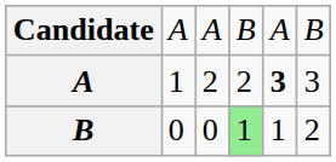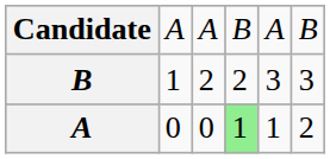 <table class="wikitable" border="1">
 <tr>
 <th>Candidate</th>
 <td><em>A</em></td>
 <td><em>A</em></td>
 <td><em>B</em></td>
 <td><em>A</em></td>
 <td><em>B</em></td>
 </tr>
 <tr>
-<th><em>A</em></th>
+<th><em>B</em></th>
 <td>1</td>
 <td>2</td>
 <td>2</td>
-<td><strong>3</strong></td>
+<td>3</td>
 <td>3</td>
 </tr>
 <tr>
-<th><em>B</em></th>
+<th><em>A</em></th>
 <td>0</td>
 <td>0</td>
 <td style="background: lightgreen;">1</td>
 <td>1</td>
 <td>2</td>
 </tr>
 </table>
